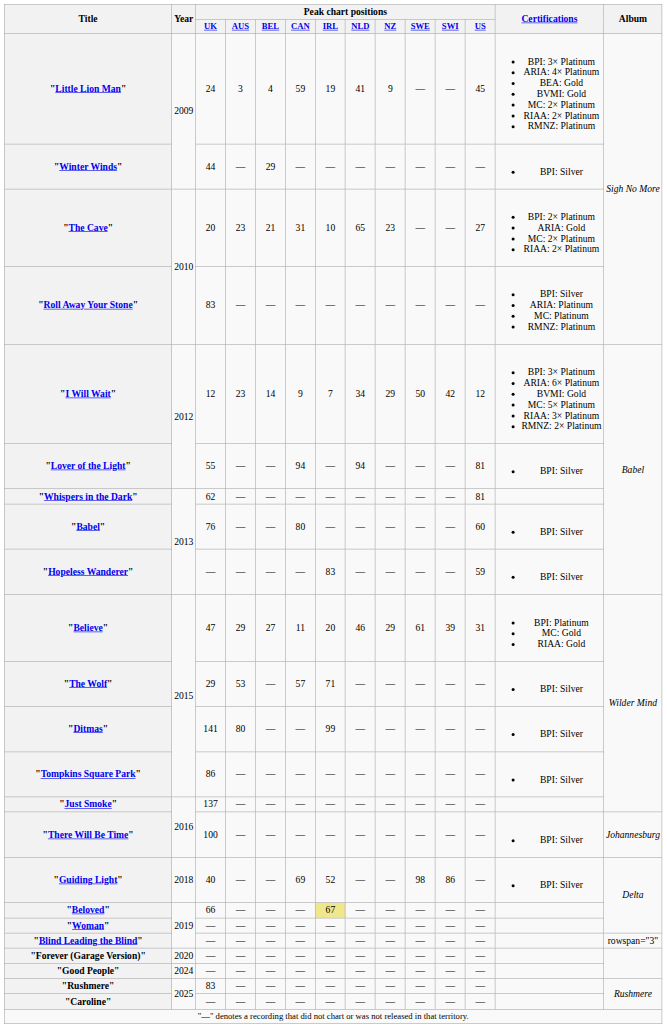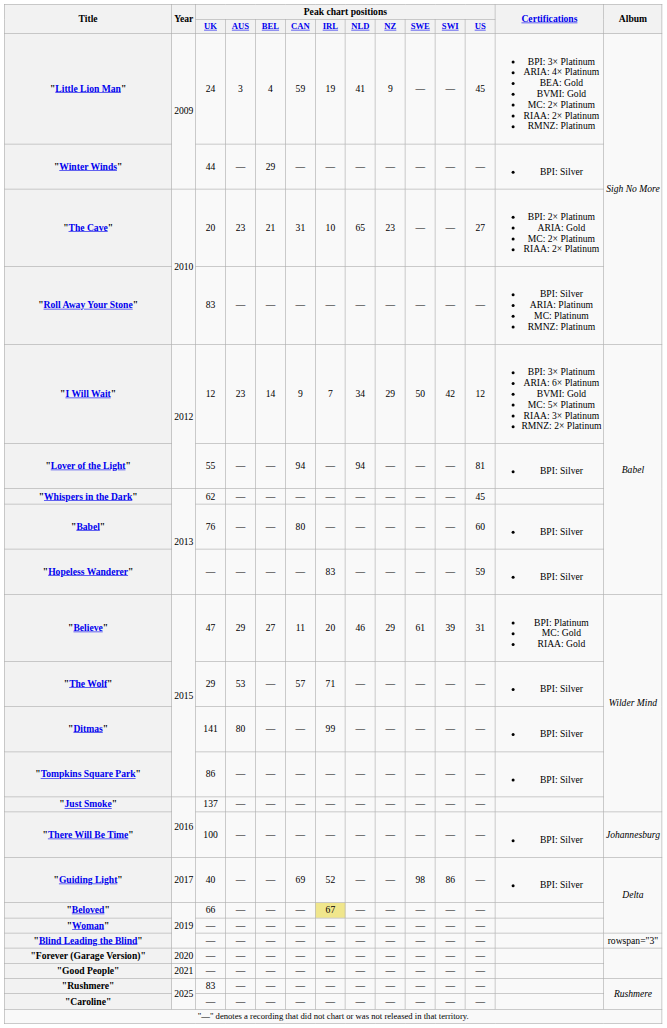 <table class="wikitable plainrowheaders" style="text-align:center;">
 <tr>
 <th scope="col" rowspan="2" style="width:17em;">Title</th>
 <th scope="col" rowspan="2" style="width:1em;">Year</th>
 <th scope="col" colspan="10">Peak chart positions</th>
 <th scope="col" rowspan="2"><a href='#'>Certifications</a></th>
 <th scope="col" rowspan="2">Album</th>
 </tr>
 <tr>
 <th scope="col" style="width:3em;font-size:90%;"><a href='#'>UK</a><br></th>
 <th scope="col" style="width:3em;font-size:90%;"><a href='#'>AUS</a><br></th>
 <th scope="col" style="width:3em;font-size:90%;"><a href='#'>BEL</a><br></th>
 <th scope="col" style="width:3em;font-size:90%;"><a href='#'>CAN</a><br></th>
 <th scope="col" style="width:3em;font-size:90%;"><a href='#'>IRL</a><br></th>
 <th scope="col" style="width:3em;font-size:90%;"><a href='#'>NLD</a><br></th>
 <th scope="col" style="width:3em;font-size:90%;"><a href='#'>NZ</a><br></th>
 <th scope="col" style="width:3em;font-size:90%;"><a href='#'>SWE</a><br></th>
 <th scope="col" style="width:3em;font-size:90%;"><a href='#'>SWI</a><br></th>
 <th scope="col" style="width:3em;font-size:90%;"><a href='#'>US</a><br></th>
 </tr>
 <tr>
 <th scope="row">"<a href='#'>Little Lion Man</a>"</th>
 <td rowspan="2">2009</td>
 <td>24</td>
 <td>3</td>
 <td>4</td>
 <td>59</td>
 <td>19</td>
 <td>41</td>
 <td>9</td>
 <td>—</td>
 <td>—</td>
 <td>45</td>
 <td><br><ul><li>BPI: 3× Platinum</li><li>ARIA: 4× Platinum</li><li>BEA: Gold</li><li>BVMI: Gold</li><li>MC: 2× Platinum</li><li>RIAA: 2× Platinum</li><li>RMNZ: Platinum</li></ul></td>
 <td rowspan="4"><em>Sigh No More</em></td>
 </tr>
 <tr>
 <th scope="row">"<a href='#'>Winter Winds</a>"</th>
 <td>44</td>
 <td>—</td>
 <td>29</td>
 <td>—</td>
 <td>—</td>
 <td>—</td>
 <td>—</td>
 <td>—</td>
 <td>—</td>
 <td>—</td>
 <td><br><ul><li>BPI: Silver</li></ul></td>
 </tr>
 <tr>
 <th scope="row">"<a href='#'>The Cave</a>"</th>
 <td rowspan="2">2010</td>
 <td>20</td>
 <td>23</td>
 <td>21</td>
 <td>31</td>
 <td>10</td>
 <td>65</td>
 <td>23</td>
 <td>—</td>
 <td>—</td>
 <td>27</td>
 <td><br><ul><li>BPI: 2× Platinum</li><li>ARIA: Gold</li><li>MC: 2× Platinum</li><li>RIAA: 2× Platinum</li></ul></td>
 </tr>
 <tr>
 <th scope="row">"<a href='#'>Roll Away Your Stone</a>"</th>
 <td>83</td>
 <td>—</td>
 <td>—</td>
 <td>—</td>
 <td>—</td>
 <td>—</td>
 <td>—</td>
 <td>—</td>
 <td>—</td>
 <td>—</td>
 <td><br><ul><li>BPI: Silver</li><li>ARIA: Platinum</li><li>MC: Platinum</li><li>RMNZ: Platinum</li></ul></td>
 </tr>
 <tr>
 <th scope="row">"<a href='#'>I Will Wait</a>"</th>
 <td rowspan="2">2012</td>
 <td>12</td>
 <td>23</td>
 <td>14</td>
 <td>9</td>
 <td>7</td>
 <td>34</td>
 <td>29</td>
 <td>50</td>
 <td>42</td>
 <td>12</td>
 <td><br><ul><li>BPI: 3× Platinum</li><li>ARIA: 6× Platinum</li><li>BVMI: Gold</li><li>MC: 5× Platinum</li><li>RIAA: 3× Platinum</li><li>RMNZ: 2× Platinum</li></ul></td>
 <td rowspan="5"><em>Babel</em></td>
 </tr>
 <tr>
 <th scope="row">"<a href='#'>Lover of the Light</a>"</th>
 <td>55</td>
 <td>—</td>
 <td>—</td>
 <td>94</td>
 <td>—</td>
 <td>94</td>
 <td>—</td>
 <td>—</td>
 <td>—</td>
 <td>81</td>
 <td><br><ul><li>BPI: Silver</li></ul></td>
 </tr>
 <tr>
 <th scope="row">"<a href='#'>Whispers in the Dark</a>"</th>
 <td rowspan="3">2013</td>
 <td>62</td>
 <td>—</td>
 <td>—</td>
 <td>—</td>
 <td>—</td>
 <td>—</td>
 <td>—</td>
 <td>—</td>
 <td>—</td>
-<td>81</td>
+<td>45</td>
 <td></td>
 </tr>
 <tr>
 <th scope="row">"<a href='#'>Babel</a>"</th>
 <td>76</td>
 <td>—</td>
 <td>—</td>
 <td>80</td>
 <td>—</td>
 <td>—</td>
 <td>—</td>
 <td>—</td>
 <td>—</td>
 <td>60</td>
 <td><br><ul><li>BPI: Silver</li></ul></td>
 </tr>
 <tr>
 <th scope="row">"<a href='#'>Hopeless Wanderer</a>"</th>
 <td>—</td>
 <td>—</td>
 <td>—</td>
 <td>—</td>
 <td>83</td>
 <td>—</td>
 <td>—</td>
 <td>—</td>
 <td>—</td>
 <td>59</td>
 <td><br><ul><li>BPI: Silver</li></ul></td>
 </tr>
 <tr>
 <th scope="row">"<a href='#'>Believe</a>"</th>
 <td rowspan="4">2015</td>
 <td>47</td>
 <td>29</td>
 <td>27</td>
 <td>11</td>
 <td>20</td>
 <td>46</td>
 <td>29</td>
 <td>61</td>
 <td>39</td>
 <td>31</td>
 <td><br><ul><li>BPI: Platinum</li><li>MC: Gold</li><li>RIAA: Gold</li></ul></td>
 <td rowspan="5"><em>Wilder Mind</em></td>
 </tr>
 <tr>
 <th scope="row">"<a href='#'>The Wolf</a>"</th>
 <td>29</td>
 <td>53</td>
 <td>—</td>
 <td>57</td>
 <td>71</td>
 <td>—</td>
 <td>—</td>
 <td>—</td>
 <td>—</td>
 <td>—</td>
 <td><br><ul><li>BPI: Silver</li></ul></td>
 </tr>
 <tr>
 <th scope="row">"<a href='#'>Ditmas</a>"</th>
 <td>141</td>
 <td>80</td>
 <td>—</td>
 <td>—</td>
 <td>99</td>
 <td>—</td>
 <td>—</td>
 <td>—</td>
 <td>—</td>
 <td>—</td>
 <td><br><ul><li>BPI: Silver</li></ul></td>
 </tr>
 <tr>
 <th scope="row">"<a href='#'>Tompkins Square Park</a>"</th>
 <td>86</td>
 <td>—</td>
 <td>—</td>
 <td>—</td>
 <td>—</td>
 <td>—</td>
 <td>—</td>
 <td>—</td>
 <td>—</td>
 <td>—</td>
 <td><br><ul><li>BPI: Silver</li></ul></td>
 </tr>
 <tr>
 <th scope="row">"<a href='#'>Just Smoke</a>"</th>
 <td rowspan="2">2016</td>
 <td>137</td>
 <td>—</td>
 <td>—</td>
 <td>—</td>
 <td>—</td>
 <td>—</td>
 <td>—</td>
 <td>—</td>
 <td>—</td>
 <td>—</td>
 <td></td>
 </tr>
 <tr>
 <th scope="row">"<a href='#'>There Will Be Time</a>"<br></th>
 <td>100</td>
 <td>—</td>
 <td>—</td>
 <td>—</td>
 <td>—</td>
 <td>—</td>
 <td>—</td>
 <td>—</td>
 <td>—</td>
 <td>—</td>
 <td><br><ul><li>BPI: Silver</li></ul></td>
 <td><em>Johannesburg</em></td>
 </tr>
 <tr>
 <th scope="row">"<a href='#'>Guiding Light</a>"</th>
-<td>2018</td>
+<td>2017</td>
 <td>40</td>
 <td>—</td>
 <td>—</td>
 <td>69</td>
 <td>52</td>
 <td>—</td>
 <td>—</td>
 <td>98</td>
 <td>86</td>
 <td>—</td>
 <td><br><ul><li>BPI: Silver</li></ul></td>
 <td rowspan="3"><em>Delta</em></td>
 </tr>
 <tr>
 <th scope="row">"<a href='#'>Beloved</a>"</th>
 <td rowspan="3">2019</td>
 <td>66</td>
 <td>—</td>
 <td>—</td>
 <td>—</td>
 <td style="background: khaki;">67</td>
 <td>—</td>
 <td>—</td>
 <td>—</td>
 <td>—</td>
 <td>—</td>
 <td></td>
 </tr>
 <tr>
 <th scope="row">"<a href='#'>Woman</a>"</th>
 <td>—</td>
 <td>—</td>
 <td>—</td>
 <td>—</td>
 <td>—</td>
 <td>—</td>
 <td>—</td>
 <td>—</td>
 <td>—</td>
 <td>—</td>
 <td></td>
 </tr>
 <tr>
 <th scope="row">"<a href='#'>Blind Leading the Blind</a>"</th>
 <td>—</td>
 <td>—</td>
 <td>—</td>
 <td>—</td>
 <td>—</td>
 <td>—</td>
 <td>—</td>
 <td>—</td>
 <td>—</td>
 <td>—</td>
 <td></td>
 <td>rowspan="3" </td>
 </tr>
 <tr>
 <th scope="row">"Forever (Garage Version)"</th>
 <td>2020</td>
 <td>—</td>
 <td>—</td>
 <td>—</td>
 <td>—</td>
 <td>—</td>
 <td>—</td>
 <td>—</td>
 <td>—</td>
 <td>—</td>
 <td>—</td>
 <td></td>
 </tr>
 <tr>
 <th scope="row">"Good People"<br></th>
-<td>2024</td>
+<td>2021</td>
 <td>—</td>
 <td>—</td>
 <td>—</td>
 <td>—</td>
 <td>—</td>
 <td>—</td>
 <td>—</td>
 <td>—</td>
 <td>—</td>
 <td>—</td>
 <td></td>
 </tr>
 <tr>
 <th scope="row">"Rushmere"</th>
 <td rowspan="2">2025</td>
 <td>83</td>
 <td>—</td>
 <td>—</td>
 <td>—</td>
 <td>—</td>
 <td>—</td>
 <td>—</td>
 <td>—</td>
 <td>—</td>
 <td>—</td>
 <td></td>
 <td rowspan="2"><em>Rushmere</em></td>
 </tr>
 <tr>
 <th scope="row">"Caroline"</th>
 <td>—</td>
 <td>—</td>
 <td>—</td>
 <td>—</td>
 <td>—</td>
 <td>—</td>
 <td>—</td>
 <td>—</td>
 <td>—</td>
 <td>—</td>
 <td></td>
 </tr>
 <tr>
 <td colspan="14" style="font-size:90%">"—" denotes a recording that did not chart or was not released in that territory.</td>
 </tr>
 </table>
